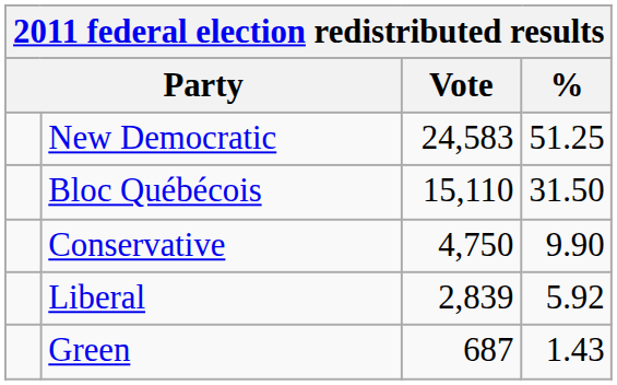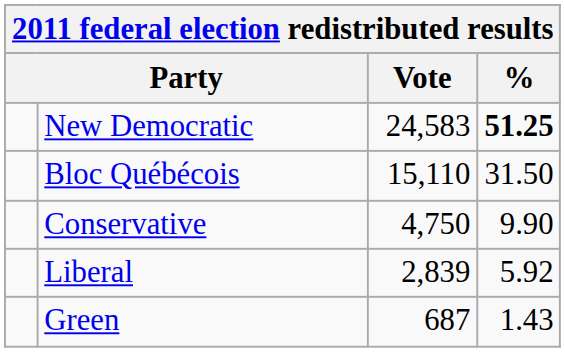 <table class="wikitable">
 <tr>
 <th colspan="4"><a href='#'>2011 federal election</a> redistributed results</th>
 </tr>
 <tr>
 <th bgcolor="#DDDDFF" width="130px" colspan="2">Party</th>
 <th bgcolor="#DDDDFF" width="50px">Vote</th>
 <th bgcolor="#DDDDFF" width="30px">%</th>
 </tr>
 <tr>
 <td> </td>
 <td><a href='#'>New Democratic</a></td>
 <td align=right>24,583</td>
-<td align=right>51.25</td>
+<td align=right><strong>51.25</strong></td>
 </tr>
 <tr>
 <td> </td>
 <td><a href='#'>Bloc Québécois</a></td>
 <td align=right>15,110</td>
 <td align=right>31.50</td>
 </tr>
 <tr>
 <td> </td>
 <td><a href='#'>Conservative</a></td>
 <td align=right>4,750</td>
 <td align=right>9.90</td>
 </tr>
 <tr>
 <td> </td>
 <td><a href='#'>Liberal</a></td>
 <td align=right>2,839</td>
 <td align=right>5.92</td>
 </tr>
 <tr>
 <td> </td>
 <td><a href='#'>Green</a></td>
 <td align=right>687</td>
 <td align=right>1.43</td>
 </tr>
 </table>
